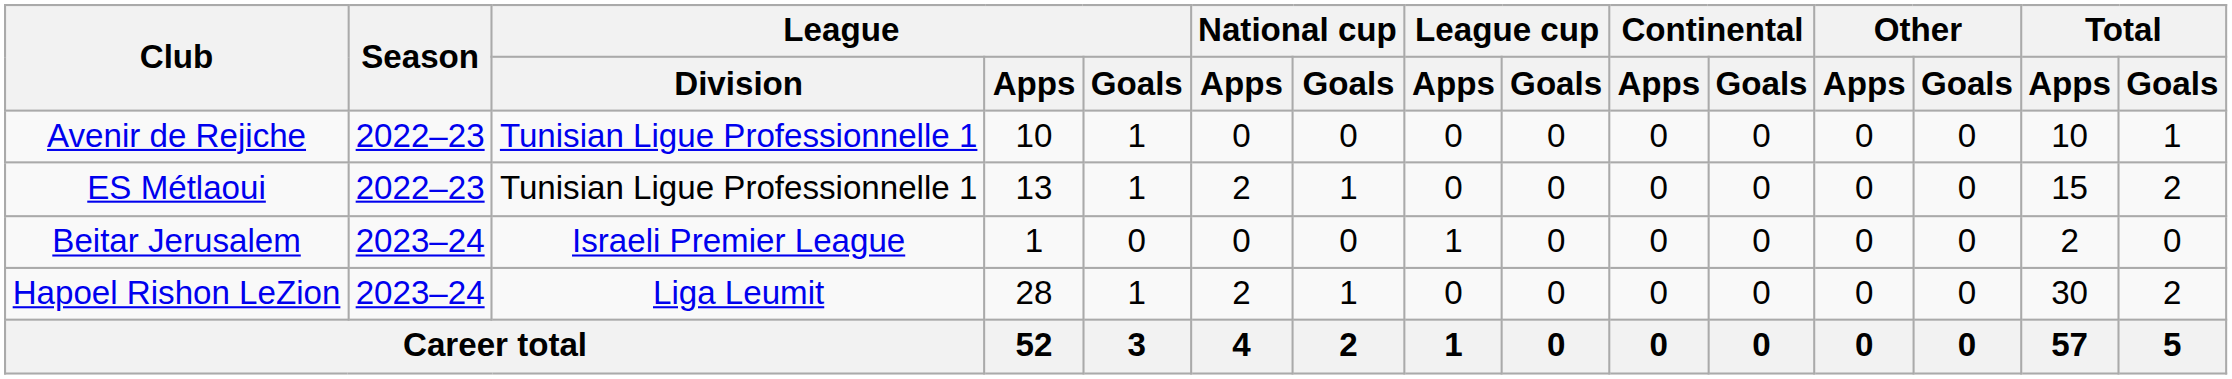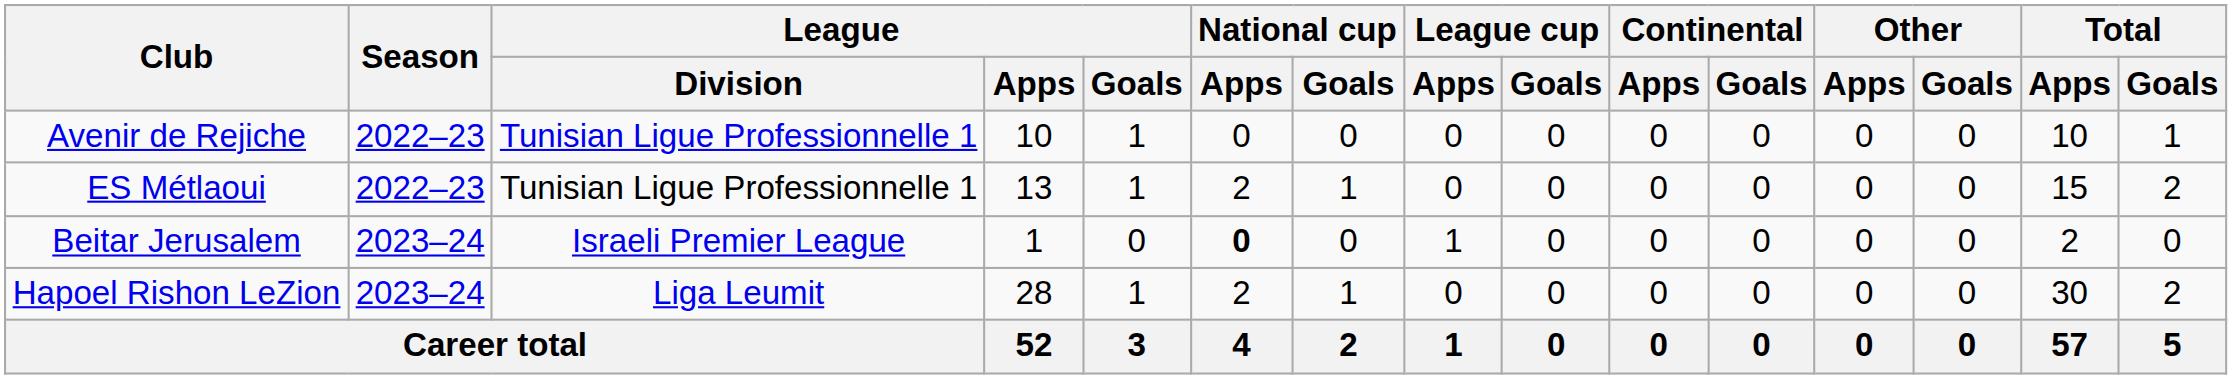 <table class="wikitable" style="text-align: center;">
 <tr>
 <th rowspan="2">Club</th>
 <th rowspan="2">Season</th>
 <th colspan="3">League</th>
 <th colspan="2">National cup</th>
 <th colspan="2">League cup</th>
 <th colspan="2">Continental</th>
 <th colspan="2">Other</th>
 <th colspan="2">Total</th>
 </tr>
 <tr>
 <th>Division</th>
 <th>Apps</th>
 <th>Goals</th>
 <th>Apps</th>
 <th>Goals</th>
 <th>Apps</th>
 <th>Goals</th>
 <th>Apps</th>
 <th>Goals</th>
 <th>Apps</th>
 <th>Goals</th>
 <th>Apps</th>
 <th>Goals</th>
 </tr>
 <tr>
 <td><a href='#'>Avenir de Rejiche</a></td>
 <td><a href='#'>2022–23</a></td>
 <td><a href='#'>Tunisian Ligue Professionnelle 1</a></td>
 <td>10</td>
 <td>1</td>
 <td>0</td>
 <td>0</td>
 <td>0</td>
 <td>0</td>
 <td>0</td>
 <td>0</td>
 <td>0</td>
 <td>0</td>
 <td>10</td>
 <td>1</td>
 </tr>
 <tr>
 <td><a href='#'>ES Métlaoui</a></td>
 <td><a href='#'>2022–23</a></td>
 <td>Tunisian Ligue Professionnelle 1</td>
 <td>13</td>
 <td>1</td>
 <td>2</td>
 <td>1</td>
 <td>0</td>
 <td>0</td>
 <td>0</td>
 <td>0</td>
 <td>0</td>
 <td>0</td>
 <td>15</td>
 <td>2</td>
 </tr>
 <tr>
 <td><a href='#'>Beitar Jerusalem</a></td>
 <td><a href='#'>2023–24</a></td>
 <td><a href='#'>Israeli Premier League</a></td>
 <td>1</td>
 <td>0</td>
-<td>0</td>
+<td><strong>0</strong></td>
 <td>0</td>
 <td>1</td>
 <td>0</td>
 <td>0</td>
 <td>0</td>
 <td>0</td>
 <td>0</td>
 <td>2</td>
 <td>0</td>
 </tr>
 <tr>
 <td><a href='#'>Hapoel Rishon LeZion</a></td>
 <td><a href='#'>2023–24</a></td>
 <td><a href='#'>Liga Leumit</a></td>
 <td>28</td>
 <td>1</td>
 <td>2</td>
 <td>1</td>
 <td>0</td>
 <td>0</td>
 <td>0</td>
 <td>0</td>
 <td>0</td>
 <td>0</td>
 <td>30</td>
 <td>2</td>
 </tr>
 <tr>
 <th colspan="3">Career total</th>
 <th>52</th>
 <th>3</th>
 <th>4</th>
 <th>2</th>
 <th>1</th>
 <th>0</th>
 <th>0</th>
 <th>0</th>
 <th>0</th>
 <th>0</th>
 <th>57</th>
 <th>5</th>
 </tr>
 </table>
